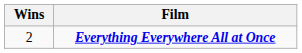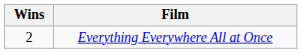 <table class="wikitable" rowspan=2 border=2 style="text-align:center;">
 <tr>
 <th scope="col" width="50">Wins</th>
 <th scope="col" width="275">Film</th>
 </tr>
 <tr>
 <td>2</td>
-<td><strong><em><a href='#'>Everything Everywhere All at Once</a></em></strong></td>
+<td><em><a href='#'>Everything Everywhere All at Once</a></em></td>
 </tr>
 </table>
